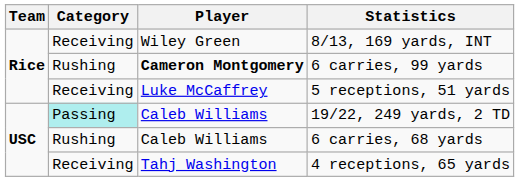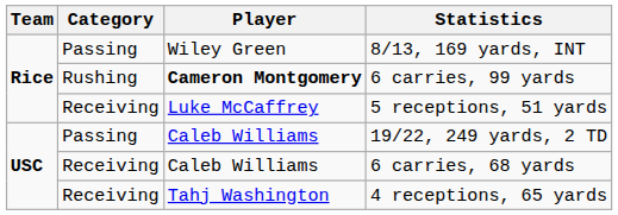 <table class="wikitable" style="float: right;">
 <tr>
 <th>Team</th>
 <th>Category</th>
 <th>Player</th>
 <th>Statistics</th>
 </tr>
 <tr>
 <td rowspan=3><strong>Rice</strong></td>
-<td>Receiving</td>
+<td>Passing</td>
 <td>Wiley Green</td>
 <td>8/13, 169 yards, INT</td>
 </tr>
 <tr>
 <td>Rushing</td>
 <td><strong>Cameron Montgomery</strong></td>
 <td>6 carries, 99 yards</td>
 </tr>
 <tr>
 <td>Receiving</td>
 <td><a href='#'>Luke McCaffrey</a></td>
 <td>5 receptions, 51 yards</td>
 </tr>
 <tr>
 <td rowspan=3><strong>USC</strong></td>
-<td style="background: paleturquoise;">Passing</td>
+<td>Passing</td>
 <td><a href='#'>Caleb Williams</a></td>
 <td>19/22, 249 yards, 2 TD</td>
 </tr>
 <tr>
-<td>Rushing</td>
+<td>Receiving</td>
 <td>Caleb Williams</td>
 <td>6 carries, 68 yards</td>
 </tr>
 <tr>
 <td>Receiving</td>
 <td><a href='#'>Tahj Washington</a></td>
 <td>4 receptions, 65 yards</td>
 </tr>
 </table>
